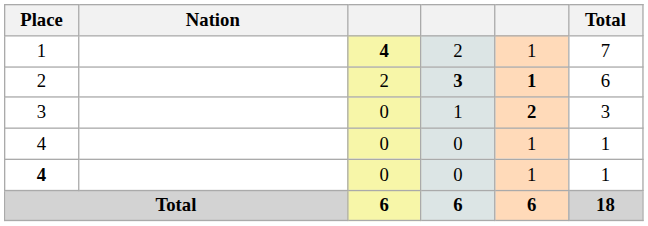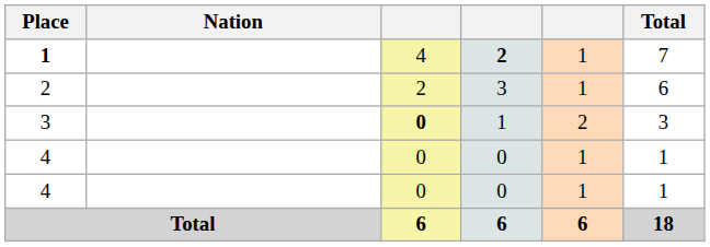 <table class=wikitable style="border:1px solid #AAAAAA;font-size:90%">
 <tr bgcolor="#EFEFEF">
 <th width=50>Place</th>
 <th width=200>Nation</th>
 <th width=50></th>
 <th width=50></th>
 <th width=50></th>
 <th width=50>Total</th>
 </tr>
 <tr align="center" valign="top" bgcolor="#FFFFFF">
-<td>1</td>
+<td><strong>1</strong></td>
 <td align="left"></td>
-<td style="background:#F7F6A8;"><strong>4</strong></td>
-<td style="background:#DCE5E5;">2</td>
+<td style="background:#F7F6A8;">4</td>
+<td style="background:#DCE5E5;"><strong>2</strong></td>
 <td style="background:#FFDAB9;">1</td>
 <td>7</td>
 </tr>
 <tr align="center" valign="top" bgcolor="#FFFFFF">
 <td>2</td>
 <td align="left"></td>
 <td style="background:#F7F6A8;">2</td>
-<td style="background:#DCE5E5;"><strong>3</strong></td>
-<td style="background:#FFDAB9;"><strong>1</strong></td>
+<td style="background:#DCE5E5;">3</td>
+<td style="background:#FFDAB9;">1</td>
 <td>6</td>
 </tr>
 <tr align="center" valign="top" bgcolor="#FFFFFF">
 <td>3</td>
 <td align="left"></td>
-<td style="background:#F7F6A8;">0</td>
+<td style="background:#F7F6A8;"><strong>0</strong></td>
 <td style="background:#DCE5E5;">1</td>
-<td style="background:#FFDAB9;"><strong>2</strong></td>
+<td style="background:#FFDAB9;">2</td>
 <td>3</td>
 </tr>
 <tr align="center" valign="top" bgcolor="#FFFFFF">
 <td>4</td>
 <td align="left"></td>
 <td style="background:#F7F6A8;">0</td>
 <td style="background:#DCE5E5;">0</td>
 <td style="background:#FFDAB9;">1</td>
 <td>1</td>
 </tr>
 <tr align="center" valign="top" bgcolor="#FFFFFF">
-<td><strong>4</strong></td>
+<td>4</td>
 <td align="left"></td>
 <td style="background:#F7F6A8;">0</td>
 <td style="background:#DCE5E5;">0</td>
 <td style="background:#FFDAB9;">1</td>
 <td>1</td>
 </tr>
 <tr align="center">
 <td colspan="2" bgcolor=D3D3D3><strong>Total</strong></td>
 <td style="background:#F7F6A8;"><strong>6</strong></td>
 <td style="background:#DCE5E5;"><strong>6</strong></td>
 <td style="background:#FFDAB9;"><strong>6</strong></td>
 <td bgcolor=D3D3D3><strong>18</strong></td>
 </tr>
 </table>
